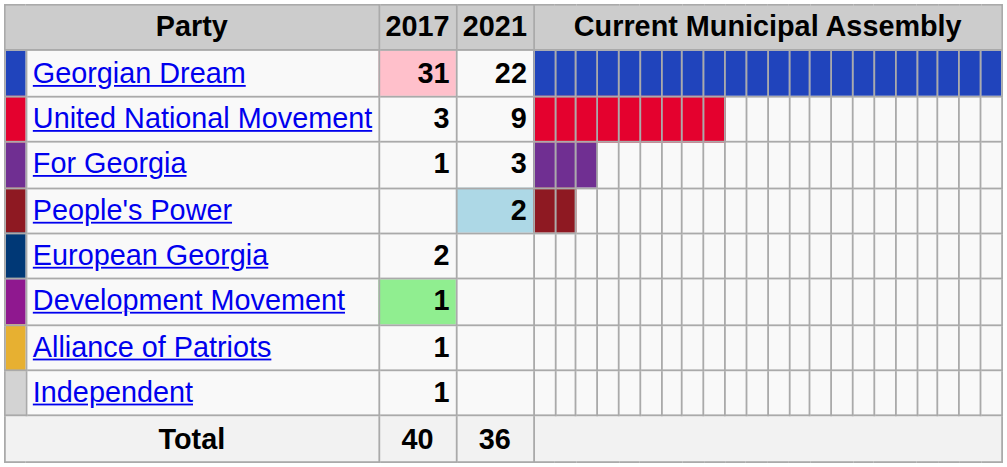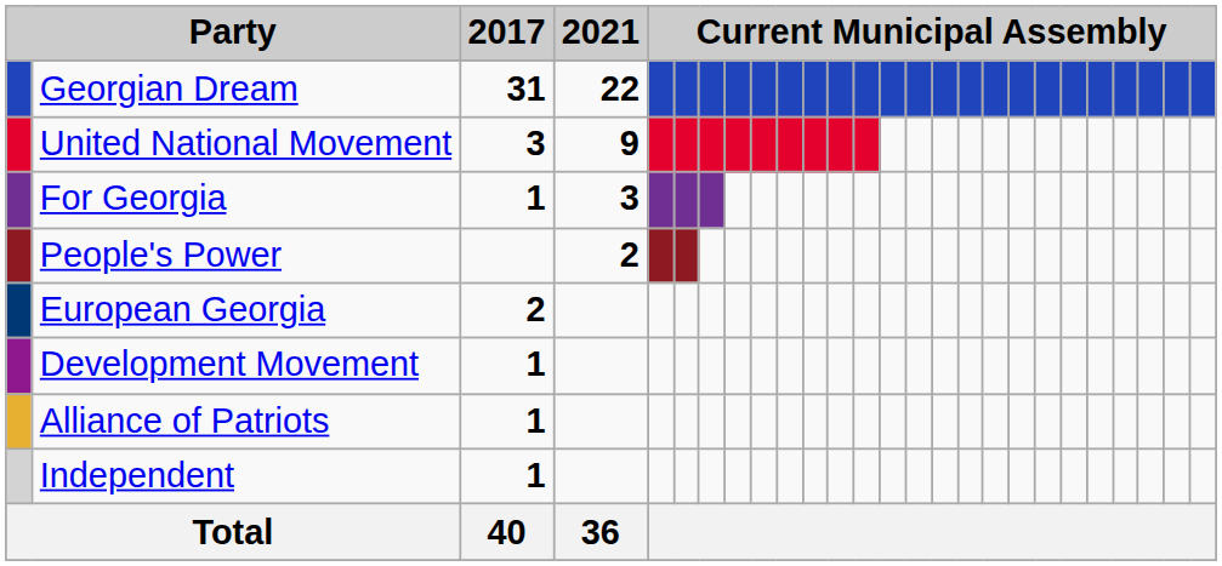 <table class="wikitable">
 <tr>
 <th colspan="2" style="background:#ccc">Party</th>
 <th style="background:#ccc">2017</th>
 <th style="background:#ccc">2021</th>
 <th colspan="43" style="background:#ccc">Current Municipal Assembly</th>
 </tr>
 <tr>
 <td style="background-color: #2044bc  "> </td>
 <td><a href='#'>Georgian Dream</a></td>
-<td style="background: pink; text-align: right"><strong>31</strong></td>
+<td style="text-align: right"><strong>31</strong></td>
 <td style="text-align: right"><strong>22</strong></td>
 <td style="background-color: #2044bc "></td>
 <td style="background-color: #2044bc "> </td>
 <td style="background-color: #2044bc "> </td>
 <td style="background-color: #2044bc "> </td>
 <td style="background-color: #2044bc "> </td>
 <td style="background-color: #2044bc "> </td>
 <td style="background-color: #2044bc "> </td>
 <td style="background-color: #2044bc "> </td>
 <td style="background-color: #2044bc "> </td>
 <td style="background-color: #2044bc "> </td>
 <td style="background-color: #2044bc "> </td>
 <td style="background-color: #2044bc "> </td>
 <td style="background-color: #2044bc "> </td>
 <td style="background-color: #2044bc "> </td>
 <td style="background-color: #2044bc "> </td>
 <td style="background-color: #2044bc "> </td>
 <td style="background-color: #2044bc "> </td>
 <td style="background-color: #2044bc "> </td>
 <td style="background-color: #2044bc "> </td>
 <td style="background-color: #2044bc "> </td>
 <td style="background-color: #2044bc "> </td>
 <td style="background-color: #2044bc "> </td>
 </tr>
 <tr>
 <td style="background-color: #e4012e  "> </td>
 <td><a href='#'>United National Movement</a></td>
 <td style="text-align: right"><strong>3</strong></td>
 <td style="text-align: right"><strong>9</strong></td>
 <td style="background-color: #e4012e "> </td>
 <td style="background-color: #e4012e "> </td>
 <td style="background-color: #e4012e "> </td>
 <td style="background-color: #e4012e "> </td>
 <td style="background-color: #e4012e "> </td>
 <td style="background-color: #e4012e "> </td>
 <td style="background-color: #e4012e "> </td>
 <td style="background-color: #e4012e "> </td>
 <td style="background-color: #e4012e "> </td>
 <td></td>
 <td></td>
 <td></td>
 <td></td>
 <td></td>
 <td></td>
 <td></td>
 <td></td>
 <td></td>
 <td></td>
 <td></td>
 <td></td>
 <td></td>
 </tr>
 <tr>
 <td style="background-color: #702F92  "> </td>
 <td><a href='#'>For Georgia</a></td>
 <td style="text-align: right"><strong>1</strong></td>
 <td style="text-align: right"><strong>3</strong></td>
 <td style="background-color: #702f92 "> </td>
 <td style="background-color: #702f92 "> </td>
 <td style="background-color: #702f92 "> </td>
 <td></td>
 <td></td>
 <td></td>
 <td></td>
 <td></td>
 <td></td>
 <td></td>
 <td></td>
 <td></td>
 <td></td>
 <td></td>
 <td></td>
 <td></td>
 <td></td>
 <td></td>
 <td></td>
 <td></td>
 <td></td>
 <td></td>
 </tr>
 <tr>
 <td style="background-color: #8E1922 "> </td>
 <td><a href='#'>People's Power</a></td>
 <td></td>
-<td style="background: lightblue; text-align: right"><strong>2</strong></td>
+<td style="text-align: right"><strong>2</strong></td>
 <td style="background-color: #8e1922 "> </td>
 <td style="background-color: #8e1922 "> </td>
 <td></td>
 <td></td>
 <td></td>
 <td></td>
 <td></td>
 <td></td>
 <td></td>
 <td></td>
 <td></td>
 <td></td>
 <td></td>
 <td></td>
 <td></td>
 <td></td>
 <td></td>
 <td></td>
 <td></td>
 <td></td>
 <td></td>
 <td></td>
 </tr>
 <tr>
 <td style="background-color: #003876  "> </td>
 <td><a href='#'>European Georgia</a></td>
 <td style="text-align: right"><strong>2</strong></td>
 <td></td>
 <td></td>
 <td></td>
 <td></td>
 <td></td>
 <td></td>
 <td></td>
 <td></td>
 <td></td>
 <td></td>
 <td></td>
 <td></td>
 <td></td>
 <td></td>
 <td></td>
 <td></td>
 <td></td>
 <td></td>
 <td></td>
 <td></td>
 <td></td>
 <td></td>
 <td></td>
 </tr>
 <tr>
 <td style="background-color: #8f188f"> </td>
 <td><a href='#'>Development Movement</a></td>
-<td style="background: lightgreen; text-align: right"><strong>1</strong></td>
+<td style="text-align: right"><strong>1</strong></td>
 <td></td>
 <td></td>
 <td></td>
 <td></td>
 <td></td>
 <td></td>
 <td></td>
 <td></td>
 <td></td>
 <td></td>
 <td></td>
 <td></td>
 <td></td>
 <td></td>
 <td></td>
 <td></td>
 <td></td>
 <td></td>
 <td></td>
 <td></td>
 <td></td>
 <td></td>
 <td></td>
 </tr>
 <tr>
 <td style="background-color: #e7b031 "> </td>
 <td><a href='#'>Alliance of Patriots</a></td>
 <td style="text-align: right"><strong>1</strong></td>
 <td></td>
 <td></td>
 <td></td>
 <td></td>
 <td></td>
 <td></td>
 <td></td>
 <td></td>
 <td></td>
 <td></td>
 <td></td>
 <td></td>
 <td></td>
 <td></td>
 <td></td>
 <td></td>
 <td></td>
 <td></td>
 <td></td>
 <td></td>
 <td></td>
 <td></td>
 <td></td>
 </tr>
 <tr>
 <td style="background-color: lightgrey"> </td>
 <td><a href='#'>Independent</a></td>
 <td style="text-align: right"><strong>1</strong></td>
 <td></td>
 <td></td>
 <td></td>
 <td></td>
 <td></td>
 <td></td>
 <td></td>
 <td></td>
 <td></td>
 <td></td>
 <td></td>
 <td></td>
 <td></td>
 <td></td>
 <td></td>
 <td></td>
 <td></td>
 <td></td>
 <td></td>
 <td></td>
 <td></td>
 <td></td>
 <td></td>
 </tr>
 <tr>
 <th colspan="2">Total</th>
 <th align="right">40</th>
 <th align="right">36</th>
 <th colspan="43"> </th>
 </tr>
 </table>
